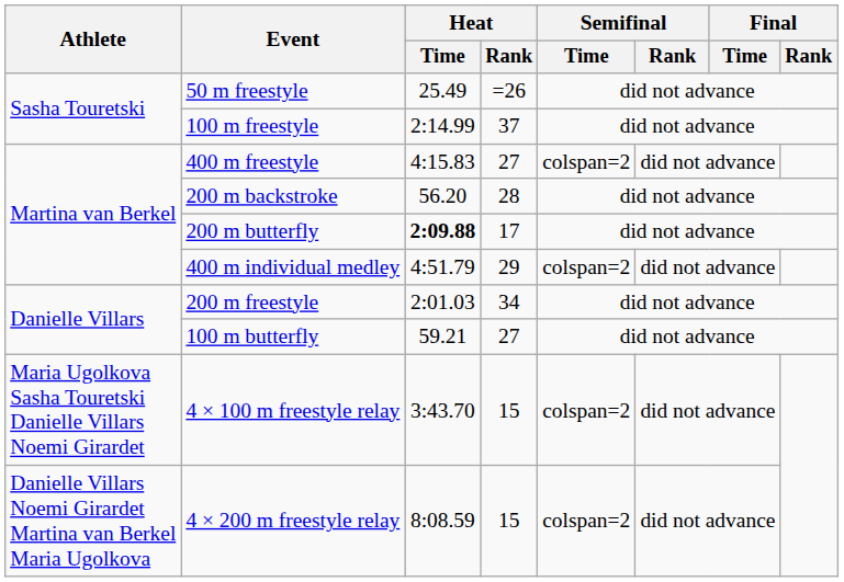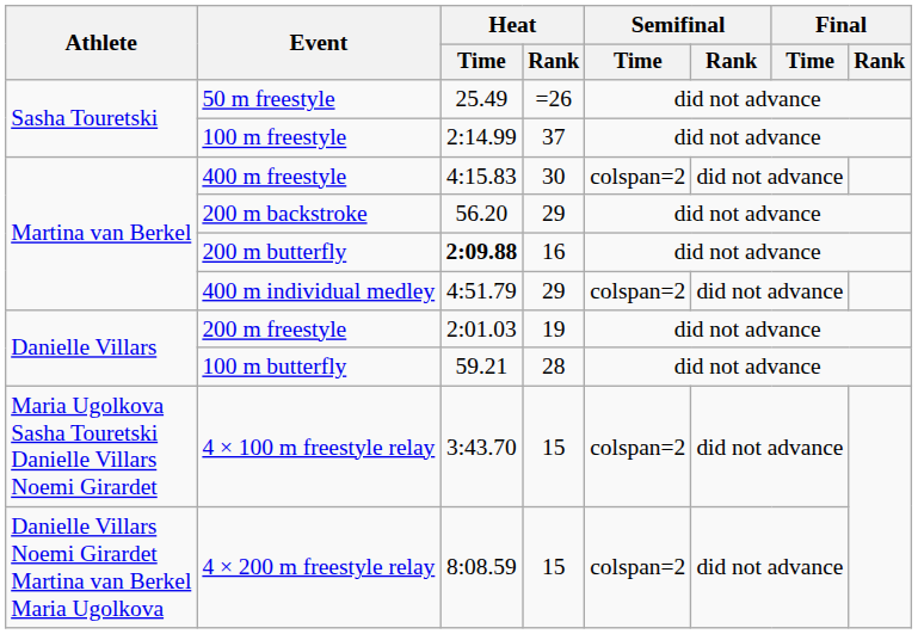 <table class=wikitable style="font-size:90%">
 <tr>
 <th rowspan="2">Athlete</th>
 <th rowspan="2">Event</th>
 <th colspan="2">Heat</th>
 <th colspan="2">Semifinal</th>
 <th colspan="2">Final</th>
 </tr>
 <tr style="font-size:95%">
 <th>Time</th>
 <th>Rank</th>
 <th>Time</th>
 <th>Rank</th>
 <th>Time</th>
 <th>Rank</th>
 </tr>
 <tr align=center>
 <td align=left rowspan=2><a href='#'>Sasha Touretski</a></td>
 <td align=left><a href='#'>50 m freestyle</a></td>
 <td>25.49</td>
 <td>=26</td>
 <td colspan=4>did not advance</td>
 </tr>
 <tr align=center>
 <td align=left><a href='#'>100 m freestyle</a></td>
 <td>2:14.99</td>
 <td>37</td>
 <td colspan=4>did not advance</td>
 </tr>
 <tr align=center>
 <td align=left rowspan=4><a href='#'>Martina van Berkel</a></td>
 <td align=left><a href='#'>400 m freestyle</a></td>
 <td>4:15.83</td>
-<td>27</td>
+<td>30</td>
 <td>colspan=2 </td>
 <td colspan=2>did not advance</td>
 </tr>
 <tr align=center>
 <td align=left><a href='#'>200 m backstroke</a></td>
 <td>56.20</td>
-<td>28</td>
+<td>29</td>
 <td colspan=4>did not advance</td>
 </tr>
 <tr align=center>
 <td align=left><a href='#'>200 m butterfly</a></td>
 <td><strong>2:09.88</strong></td>
-<td>17</td>
+<td>16</td>
 <td colspan=4>did not advance</td>
 </tr>
 <tr align=center>
 <td align=left><a href='#'>400 m individual medley</a></td>
 <td>4:51.79</td>
 <td>29</td>
 <td>colspan=2 </td>
 <td colspan=2>did not advance</td>
 </tr>
 <tr align=center>
 <td align=left rowspan=2><a href='#'>Danielle Villars</a></td>
 <td align=left><a href='#'>200 m freestyle</a></td>
 <td>2:01.03</td>
-<td>34</td>
+<td>19</td>
 <td colspan=4>did not advance</td>
 </tr>
 <tr align=center>
 <td align=left><a href='#'>100 m butterfly</a></td>
 <td>59.21</td>
-<td>27</td>
+<td>28</td>
 <td colspan=4>did not advance</td>
 </tr>
 <tr align=center>
 <td align=left><a href='#'>Maria Ugolkova</a><br><a href='#'>Sasha Touretski</a><br><a href='#'>Danielle Villars</a><br><a href='#'>Noemi Girardet</a></td>
 <td align=left><a href='#'>4 × 100 m freestyle relay</a></td>
 <td>3:43.70</td>
 <td>15</td>
 <td>colspan=2 </td>
 <td colspan=2>did not advance</td>
 </tr>
 <tr align=center>
 <td align=left><a href='#'>Danielle Villars</a><br><a href='#'>Noemi Girardet</a><br><a href='#'>Martina van Berkel</a><br><a href='#'>Maria Ugolkova</a></td>
 <td align=left><a href='#'>4 × 200 m freestyle relay</a></td>
 <td>8:08.59</td>
 <td>15</td>
 <td>colspan=2 </td>
 <td colspan=2>did not advance</td>
 </tr>
 </table>
